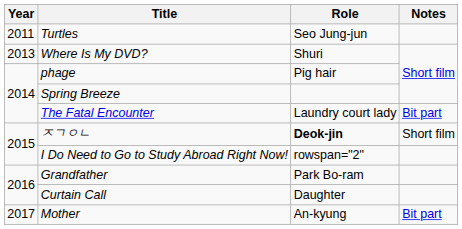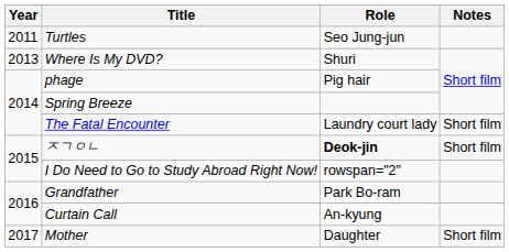 <table class="wikitable">
 <tr>
 <th>Year</th>
 <th>Title</th>
 <th>Role</th>
 <th>Notes</th>
 </tr>
 <tr>
 <td>2011</td>
 <td><em>Turtles</em></td>
 <td>Seo Jung-jun</td>
 <td></td>
 </tr>
 <tr>
 <td>2013</td>
 <td><em>Where Is My DVD?</em></td>
 <td>Shuri</td>
 <td rowspan="3"><a href='#'>Short film</a></td>
 </tr>
 <tr>
 <td rowspan="3">2014</td>
 <td><em>phage</em></td>
 <td>Pig hair</td>
 </tr>
 <tr>
 <td><em>Spring Breeze</em></td>
 </tr>
 <tr>
 <td><em><a href='#'>The Fatal Encounter</a></em></td>
 <td>Laundry court lady</td>
-<td><a href='#'>Bit part</a></td>
+<td>Short film</td>
 </tr>
 <tr>
 <td rowspan="2">2015</td>
 <td><em>ㅈㄱㅇㄴ</em></td>
 <td><strong>Deok-jin</strong></td>
 <td>Short film</td>
 </tr>
 <tr>
 <td><em>I Do Need to Go to Study Abroad Right Now!</em></td>
 <td>rowspan="2" </td>
 <td></td>
 </tr>
 <tr>
 <td rowspan="2">2016</td>
 <td><em>Grandfather</em></td>
 <td>Park Bo-ram</td>
 <td></td>
 </tr>
 <tr>
 <td><em>Curtain Call</em></td>
-<td>Daughter</td>
+<td>An-kyung</td>
 <td></td>
 </tr>
 <tr>
 <td>2017</td>
 <td><em>Mother</em></td>
-<td>An-kyung</td>
-<td><a href='#'>Bit part</a></td>
+<td>Daughter</td>
+<td>Short film</td>
 </tr>
 </table>
